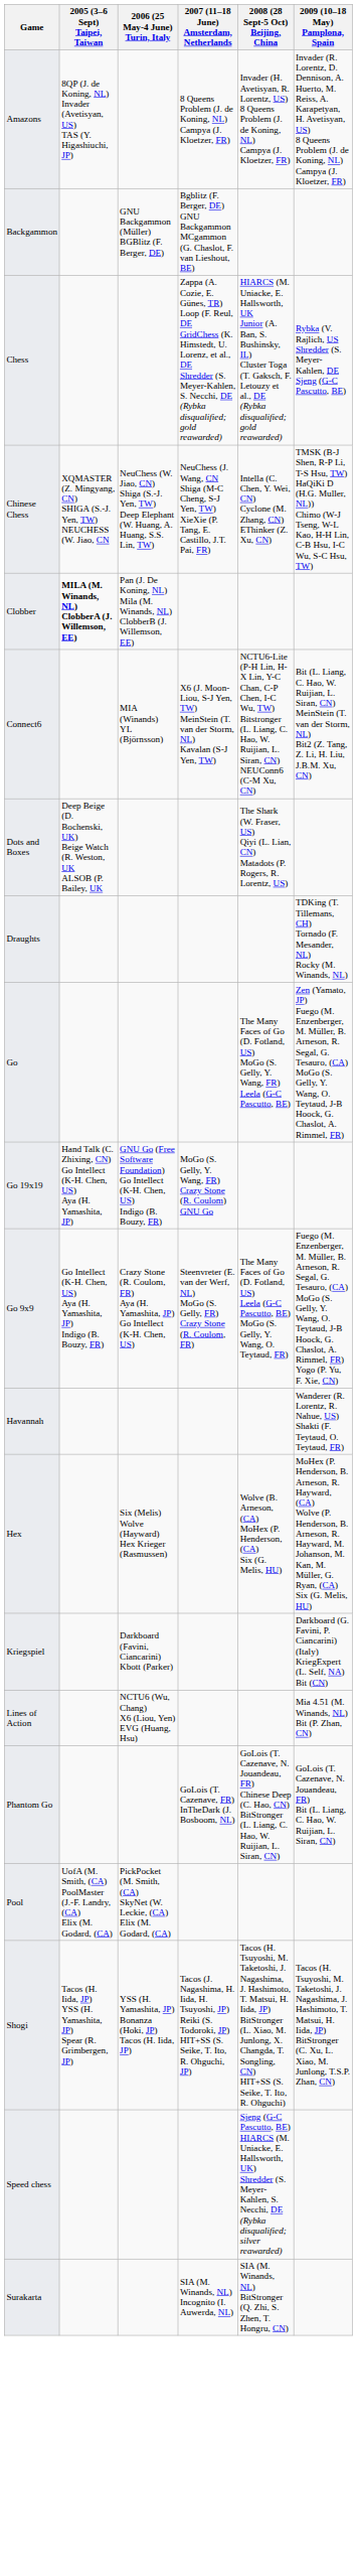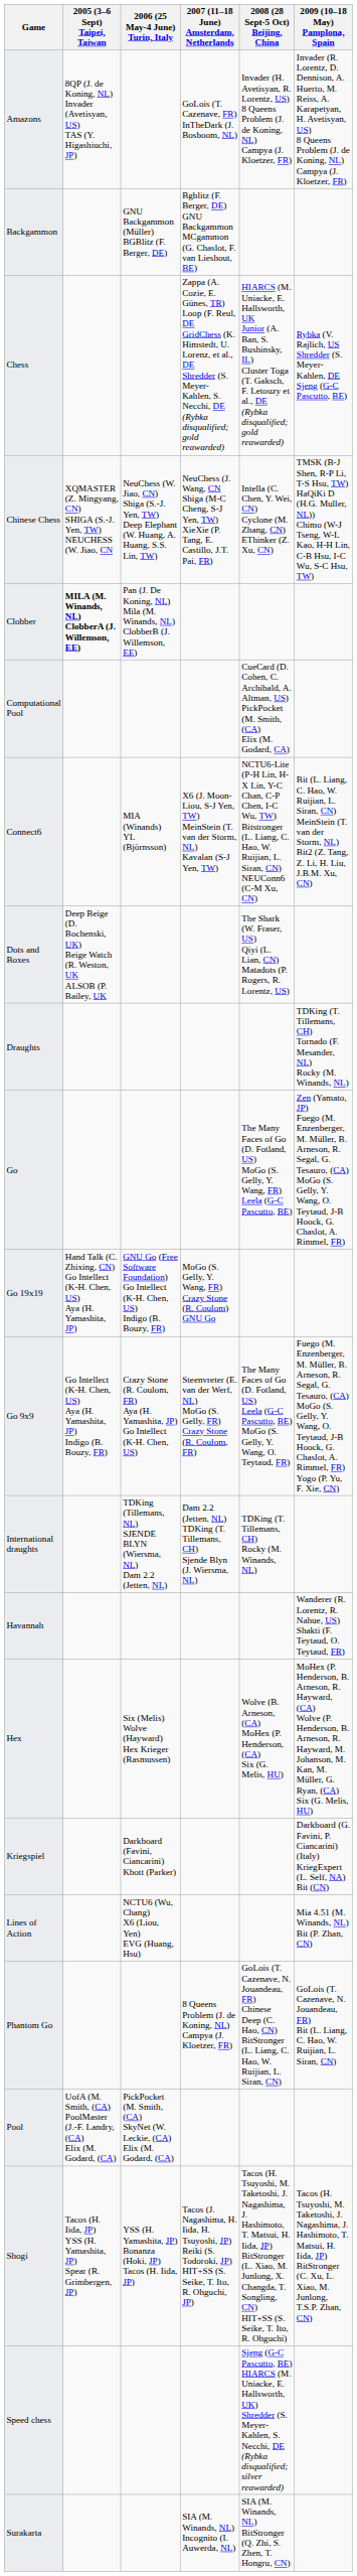 <table class="wikitable sortable">
 <tr>
 <th>Game</th>
 <th style=width:30em>2005 (3–6 Sept)<br><a href='#'>Taipei, Taiwan</a></th>
 <th style=width:40em>2006 (25 May-4 June)<br><a href='#'>Turin, Italy</a></th>
 <th style=width:40em>2007 (11–18 June)<br><a href='#'>Amsterdam, Netherlands</a></th>
 <th style=width:40em>2008 (28 Sept-5 Oct)<br><a href='#'>Beijing, China</a></th>
 <th style=width:50em>2009 (10–18 May)<br><a href='#'>Pamplona, Spain</a></th>
 </tr>
 <tr>
 <td style="background:#EAECF0">Amazons</td>
 <td> 8QP (J. de Koning, <a href='#'>NL</a>)<br> Invader (Avetisyan, <a href='#'>US</a>)<br>TAS (Y. Higashiuchi, <a href='#'>JP</a>)</td>
 <td></td>
-<td> 8 Queens Problem (J. de Koning, <a href='#'>NL</a>)<br> Campya (J. Kloetzer, <a href='#'>FR</a>)</td>
+<td> GoLois (T. Cazenave, <a href='#'>FR</a>)<br> InTheDark (J. Bosboom, <a href='#'>NL</a>)</td>
 <td> Invader (H. Avetisyan, R. Lorentz, <a href='#'>US</a>)<br> 8 Queens Problem (J. de Koning, <a href='#'>NL</a>)<br> Campya (J. Kloetzer, <a href='#'>FR</a>)</td>
 <td> Invader (R. Lorentz, D. Dennison, A. Huerto, M. Reiss, A. Karapetyan, H. Avetisyan, <a href='#'>US</a>)<br> 8 Queens Problem (J. de Koning, <a href='#'>NL</a>)<br> Campya (J. Kloetzer, <a href='#'>FR</a>)</td>
 </tr>
 <tr>
 <td style="background:#EAECF0">Backgammon</td>
 <td></td>
 <td> GNU Backgammon (Müller)<br> BGBlitz (F. Berger, <a href='#'>DE</a>)</td>
 <td> Bgblitz (F. Berger, <a href='#'>DE</a>)<br> GNU Backgammon<br> MCgammon (G. Chaslot, F. van Lieshout, <a href='#'>BE</a>)</td>
 <td></td>
 <td></td>
 </tr>
 <tr>
 <td style="background:#EAECF0">Chess</td>
 <td></td>
 <td></td>
 <td> Zappa (A. Cozie, E. Günes, <a href='#'>TR</a>)<br> Loop (F. Reul, <a href='#'>DE</a><br> <a href='#'>GridChess</a> (K. Himstedt, U. Lorenz, et al., <a href='#'>DE</a><br> <a href='#'>Shredder</a> (S. Meyer-Kahlen, S. Necchi, <a href='#'>DE</a><br><em>(Rybka disqualified; gold reawarded)</em></td>
 <td> <a href='#'>HIARCS</a> (M. Uniacke, E. Hallsworth, <a href='#'>UK</a><br> <a href='#'>Junior</a> (A. Ban, S. Bushinsky, <a href='#'>IL</a>)<br> Cluster Toga (T. Gaksch, F. Letouzy et al., <a href='#'>DE</a><br><em>(Rybka disqualified; gold reawarded)</em></td>
 <td> <a href='#'>Rybka</a> (V. Rajlich, <a href='#'>US</a><br> <a href='#'>Shredder</a> (S. Meyer-Kahlen, <a href='#'>DE</a><br> <a href='#'>Sjeng</a> (<a href='#'>G-C Pascutto</a>, <a href='#'>BE</a>)</td>
 </tr>
 <tr>
 <td style="background:#EAECF0">Chinese Chess</td>
 <td> XQMASTER (Z. Mingyang, <a href='#'>CN</a>)<br> SHIGA (S.-J. Yen, <a href='#'>TW</a>)<br> NEUCHESS (W. Jiao, <a href='#'>CN</a></td>
 <td> NeuChess (W. Jiao, <a href='#'>CN</a>)<br> Shiga (S.-J. Yen, <a href='#'>TW</a>)<br> Deep Elephant (W. Huang, A. Huang, S.S. Lin, <a href='#'>TW</a>)</td>
 <td> NeuChess (J. Wang, <a href='#'>CN</a><br> Shiga (M-C Cheng, S-J Yen, <a href='#'>TW</a>)<br> XieXie (P. Tang, E. Castillo, J.T. Pai, <a href='#'>FR</a>)</td>
 <td> Intella (C. Chen, Y. Wei, <a href='#'>CN</a>) <br> Cyclone (M. Zhang, <a href='#'>CN</a>)<br> EThinker (Z. Xu, <a href='#'>CN</a>)</td>
 <td> TMSK (B-J Shen, R-P Li, T-S Hsu, <a href='#'>TW</a>)<br> HaQiKi D (H.G. Muller, <a href='#'>NL</a>))<br> Chimo (W-J Tseng, W-L Kao, H-H Lin, C-B Hsu, I-C Wu, S-C Hsu, <a href='#'>TW</a>)</td>
 </tr>
 <tr>
 <td style="background:#EAECF0">Clobber</td>
 <td><strong> MILA (M. Winands, <a href='#'>NL</a>)<br> ClobberA (J. Willemson, <a href='#'>EE</a>)</strong></td>
 <td> Pan (J. De Koning, <a href='#'>NL</a>)<br> Mila (M. Winands, <a href='#'>NL</a>)<br> ClobberB (J. Willemson, <a href='#'>EE</a>)</td>
 <td></td>
 <td></td>
+<td></td>
+</tr>
+<tr>
+<td style="background:#EAECF0">Computational Pool</td>
+<td></td>
+<td></td>
+<td></td>
+<td> CueCard (D. Cohen, C. Archibald, A. Altman, <a href='#'>US</a>)<br> PickPocket (M. Smith, (<a href='#'>CA</a>)<br> Elix (M. Godard, <a href='#'>CA</a>)</td>
 <td></td>
 </tr>
 <tr>
 <td style="background:#EAECF0">Connect6</td>
 <td></td>
 <td> MIA (Winands)<br> YL (Björnsson)</td>
 <td> X6 (J. Moon-Liou, S-J Yen, <a href='#'>TW</a>)<br> MeinStein (T. van der Storm, <a href='#'>NL</a>)<br> Kavalan (S-J Yen, <a href='#'>TW</a>)</td>
 <td> NCTU6-Lite (P-H Lin, H-X Lin, Y-C Chan, C-P Chen, I-C Wu, <a href='#'>TW</a>)<br> Bitstronger (L. Liang, C. Hao, W. Ruijian, L. Siran, <a href='#'>CN</a>)<br> NEUConn6 (C-M Xu, <a href='#'>CN</a>)</td>
 <td> Bit (L. Liang, C. Hao, W. Ruijian, L. Siran, <a href='#'>CN</a>)<br> MeinStein (T. van der Storm, <a href='#'>NL</a>)<br> Bit2 (Z. Tang, Z. Li, H. Liu, J.B.M. Xu, <a href='#'>CN</a>)</td>
 </tr>
 <tr>
 <td style="background:#EAECF0">Dots and Boxes</td>
 <td> Deep Beige (D. Bochenski, <a href='#'>UK</a>)<br> Beige Watch (R. Weston, <a href='#'>UK</a><br> ALSOB (P. Bailey, <a href='#'>UK</a></td>
 <td></td>
 <td></td>
 <td> The Shark (W. Fraser, <a href='#'>US</a>)<br> Qiyi (L. Lian, <a href='#'>CN</a>)<br> Matadots (P. Rogers, R. Lorentz, <a href='#'>US</a>)</td>
 <td></td>
 </tr>
 <tr>
 <td style="background:#EAECF0">Draughts</td>
 <td></td>
 <td></td>
 <td></td>
 <td></td>
 <td> TDKing (T. Tillemans, <a href='#'>CH</a>)<br> Tornado (F. Mesander, <a href='#'>NL</a>) <br> Rocky (M. Winands, <a href='#'>NL</a>)</td>
 </tr>
 <tr>
 <td style="background:#EAECF0">Go</td>
 <td></td>
 <td></td>
 <td></td>
 <td> The Many Faces of Go (D. Fotland, <a href='#'>US</a>)<br> MoGo (S. Gelly, Y. Wang, <a href='#'>FR</a>)<br> <a href='#'>Leela</a>  (<a href='#'>G-C Pascutto</a>, <a href='#'>BE</a>)</td>
 <td> <a href='#'>Zen</a> (Yamato, <a href='#'>JP</a>)<br> Fuego (M. Enzenberger, M. Müller, B. Arneson, R. Segal, G. Tesauro, (<a href='#'>CA</a>)<br> MoGo (S. Gelly, Y. Wang, O. Teytaud, J-B Hoock, G. Chaslot, A. Rimmel, <a href='#'>FR</a>)</td>
 </tr>
 <tr>
 <td style="background:#EAECF0">Go 19x19</td>
 <td> Hand Talk (C. Zhixing, <a href='#'>CN</a>)<br> Go Intellect (K-H. Chen, <a href='#'>US</a>)<br> Aya (H. Yamashita, <a href='#'>JP</a>)</td>
 <td> <a href='#'>GNU Go</a> (<a href='#'>Free Software Foundation</a>)<br> Go Intellect (K-H. Chen, <a href='#'>US</a>)<br> Indigo (B. Bouzy, <a href='#'>FR</a>)</td>
 <td> MoGo (S. Gelly, Y. Wang, <a href='#'>FR</a>)<br> <a href='#'>Crazy Stone</a> (<a href='#'>R. Coulom</a>)<br> <a href='#'>GNU Go</a></td>
 <td></td>
 <td></td>
 </tr>
 <tr>
 <td style="background:#EAECF0">Go 9x9</td>
 <td> Go Intellect (K-H. Chen, <a href='#'>US</a>)<br> Aya (H. Yamashita, <a href='#'>JP</a>)<br> Indigo (B. Bouzy, <a href='#'>FR</a>)</td>
 <td> Crazy Stone (R. Coulom, <a href='#'>FR</a>)<br> Aya (H. Yamashita, <a href='#'>JP</a>)<br> Go Intellect (K-H. Chen, <a href='#'>US</a>)</td>
 <td> Steenvreter (E. van der Werf, <a href='#'>NL</a>)<br> MoGo (S. Gelly, <a href='#'>FR</a>)<br> <a href='#'>Crazy Stone</a> (<a href='#'>R. Coulom</a>, <a href='#'>FR</a>)</td>
 <td> The Many Faces of Go (D. Fotland, <a href='#'>US</a>)<br> <a href='#'>Leela</a>  (<a href='#'>G-C Pascutto</a>, <a href='#'>BE</a>) <br> MoGo (S. Gelly, Y. Wang, O. Teytaud, <a href='#'>FR</a>)</td>
 <td> Fuego (M. Enzenberger, M. Müller, B. Arneson, R. Segal, G. Tesauro, (<a href='#'>CA</a>)<br> MoGo (S. Gelly, Y. Wang, O. Teytaud, J-B Hoock, G. Chaslot, A. Rimmel, <a href='#'>FR</a>)<br> Yogo (P. Yu, F. Xie, <a href='#'>CN</a>)</td>
 </tr>
 <tr>
+<td style="background:#EAECF0">International draughts</td>
+<td></td>
+<td> TDKing (Tillemans, <a href='#'>NL</a>)<br> SJENDE BLYN (Wiersma, <a href='#'>NL</a>)<br> Dam 2.2 (Jetten, <a href='#'>NL</a>)</td>
+<td> Dam 2.2 (Jetten, <a href='#'>NL</a>)<br> TDKing (T. Tillemans, <a href='#'>CH</a>)<br> Sjende Blyn (J. Wiersma, <a href='#'>NL</a>)</td>
+<td> TDKing (T. Tillemans, <a href='#'>CH</a>)<br> Rocky (M. Winands, <a href='#'>NL</a>)</td>
+<td></td>
+</tr>
+<tr>
 <td style="background:#EAECF0">Havannah</td>
 <td></td>
 <td></td>
 <td></td>
 <td></td>
 <td> Wanderer (R. Lorentz, R. Nahue, <a href='#'>US</a>)<br> Shakti (F. Teytaud, O.  Teytaud, <a href='#'>FR</a>)</td>
 </tr>
 <tr>
 <td style="background:#EAECF0">Hex</td>
 <td></td>
 <td> Six (Melis)<br> Wolve (Hayward)<br> Hex Krieger (Rasmussen)</td>
 <td></td>
 <td> Wolve (B. Arneson, (<a href='#'>CA</a>)<br> MoHex (P. Henderson, (<a href='#'>CA</a>)<br> Six (G. Melis, <a href='#'>HU</a>)</td>
 <td> MoHex (P. Henderson, B. Arneson, R. Hayward, (<a href='#'>CA</a>)<br> Wolve (P. Henderson, B. Arneson, R. Hayward, M. Johanson, M. Kan, M. Müller, G. Ryan, (<a href='#'>CA</a>)<br> Six (G. Melis, <a href='#'>HU</a>)</td>
 </tr>
 <tr>
 <td style="background:#EAECF0">Kriegspiel</td>
 <td></td>
 <td> Darkboard (Favini, Ciancarini)<br> Kbott (Parker)</td>
 <td></td>
 <td></td>
 <td> Darkboard (G. Favini, P. Ciancarini) (Italy)<br> KriegExpert (L. Self, <a href='#'>NA</a>)<br> Bit (<a href='#'>CN</a>)</td>
 </tr>
 <tr>
 <td style="background:#EAECF0">Lines of Action</td>
 <td></td>
 <td> NCTU6 (Wu, Chang)<br> X6 (Liou, Yen)<br> EVG (Huang, Hsu)</td>
 <td></td>
 <td></td>
 <td> Mia 4.51 (M. Winands, <a href='#'>NL</a>)<br> Bit (P. Zhan, <a href='#'>CN</a>)</td>
 </tr>
 <tr>
 <td style="background:#EAECF0">Phantom Go</td>
 <td></td>
 <td></td>
-<td> GoLois (T. Cazenave, <a href='#'>FR</a>)<br> InTheDark (J. Bosboom, <a href='#'>NL</a>)</td>
+<td> 8 Queens Problem (J. de Koning, <a href='#'>NL</a>)<br> Campya (J. Kloetzer, <a href='#'>FR</a>)</td>
 <td> GoLois (T. Cazenave, N. Jouandeau, <a href='#'>FR</a>)<br> Chinese Deep (C. Hao, <a href='#'>CN</a>)<br> BitStronger (L. Liang, C. Hao, W. Ruijian, L. Siran, <a href='#'>CN</a>)</td>
 <td> GoLois (T. Cazenave, N. Jouandeau, <a href='#'>FR</a>)<br> Bit (L. Liang, C. Hao, W. Ruijian, L. Siran, <a href='#'>CN</a>)</td>
 </tr>
 <tr>
 <td style="background:#EAECF0">Pool</td>
 <td> UofA (M. Smith, (<a href='#'>CA</a>)<br> PoolMaster (J.-F. Landry, (<a href='#'>CA</a>)<br> Elix (M. Godard, (<a href='#'>CA</a>)</td>
 <td> PickPocket (M. Smith, (<a href='#'>CA</a>)<br> SkyNet (W. Leckie, (<a href='#'>CA</a>)<br> Elix (M. Godard, (<a href='#'>CA</a>)</td>
 <td></td>
 <td></td>
 <td></td>
 </tr>
 <tr>
 <td style="background:#EAECF0">Shogi</td>
 <td> Tacos (H. Iida, <a href='#'>JP</a>)<br> YSS (H. Yamashita, <a href='#'>JP</a>)<br> Spear (R. Grimbergen, <a href='#'>JP</a>)</td>
 <td> YSS (H. Yamashita, <a href='#'>JP</a>)<br> Bonanza (Hoki, <a href='#'>JP</a>)<br> Tacos (H. Iida, <a href='#'>JP</a>)</td>
 <td> Tacos (J. Nagashima, H. Iida, H. Tsuyoshi, <a href='#'>JP</a>) <br> Reiki (S. Todoroki, <a href='#'>JP</a>)<br> HIT+SS (S. Seike, T. Ito, R. Ohguchi, <a href='#'>JP</a>)</td>
 <td> Tacos (H. Tsuyoshi, M. Taketoshi, J. Nagashima, J. Hashimoto, T. Matsui, H. Iida, <a href='#'>JP</a>)<br> BitStronger (L. Xiao, M. Junlong, X. Changda, T. Songling, <a href='#'>CN</a>)<br> HIT+SS (S. Seike, T. Ito, R. Ohguchi)</td>
 <td> Tacos (H. Tsuyoshi, M. Taketoshi, J. Nagashima, J. Hashimoto, T. Matsui, H. Iida, <a href='#'>JP</a>)<br> BitStronger (C. Xu, L. Xiao, M. Junlong, T.S.P. Zhan, <a href='#'>CN</a>)</td>
 </tr>
 <tr>
 <td style="background:#EAECF0">Speed chess</td>
 <td></td>
 <td></td>
 <td></td>
 <td> <a href='#'>Sjeng</a> (<a href='#'>G-C Pascutto</a>, <a href='#'>BE</a>)<br> <a href='#'>HIARCS</a> (M. Uniacke, E. Hallsworth, <a href='#'>UK</a>)<br> <a href='#'>Shredder</a> (S. Meyer-Kahlen, S. Necchi, <a href='#'>DE</a><br><em>(Rybka disqualified; silver reawarded)</em></td>
 <td></td>
 </tr>
 <tr>
 <td style="background:#EAECF0">Surakarta</td>
 <td></td>
 <td></td>
 <td> SIA (M. Winands, <a href='#'>NL</a>)<br> Incognito (I. Auwerda, <a href='#'>NL</a>)</td>
 <td> SIA (M. Winands, <a href='#'>NL</a>)<br> BitStronger (Q. Zhi, S. Zhen, T. Hongru, <a href='#'>CN</a>)</td>
 <td></td>
 </tr>
 </table>
